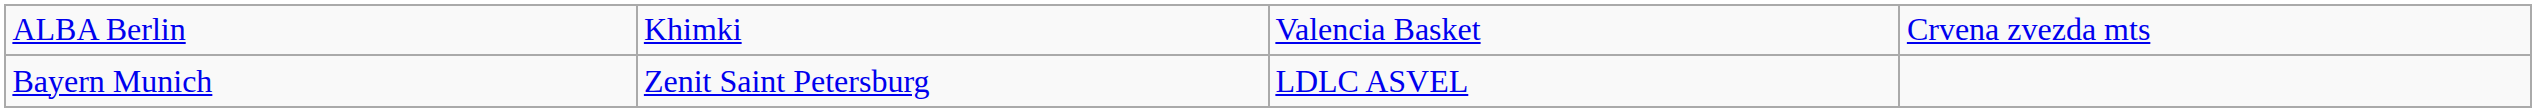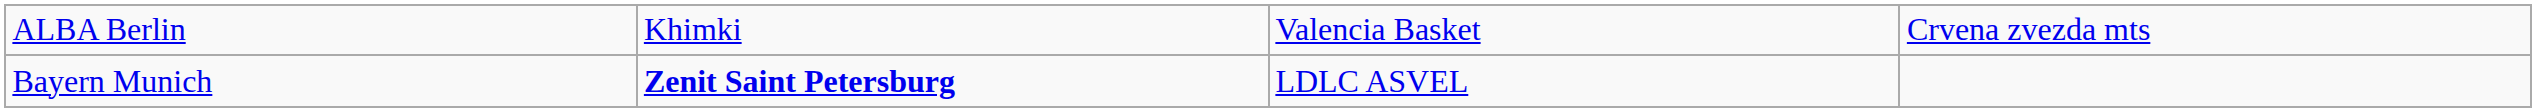 <table class="wikitable" style="table-layout:fixed; width:100%">
 <tr>
 <td width=25%> <a href='#'>ALBA Berlin</a> </td>
 <td width=25%> <a href='#'>Khimki</a> </td>
 <td width=25%> <a href='#'>Valencia Basket</a> </td>
 <td width=25%> <a href='#'>Crvena zvezda mts</a> </td>
 </tr>
 <tr>
 <td> <a href='#'>Bayern Munich</a> </td>
-<td> <a href='#'>Zenit Saint Petersburg</a> </td>
+<td><strong> <a href='#'>Zenit Saint Petersburg</a> </strong></td>
 <td> <a href='#'>LDLC ASVEL</a> </td>
 <td></td>
 </tr>
 </table>
